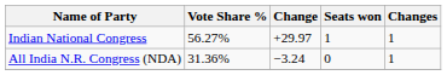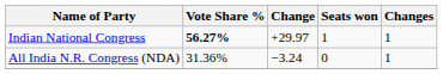 <table class="wikitable sortable">
 <tr>
 <th>Name of Party</th>
 <th>Vote Share %</th>
 <th>Change</th>
 <th>Seats won</th>
 <th>Changes</th>
 </tr>
 <tr>
 <td><a href='#'>Indian National Congress</a></td>
-<td>56.27%</td>
+<td><strong>56.27%</strong></td>
 <td>+29.97</td>
 <td>1</td>
 <td>1</td>
 </tr>
 <tr>
 <td><a href='#'>All India N.R. Congress</a> (NDA)</td>
 <td>31.36%</td>
 <td>−3.24</td>
 <td>0</td>
 <td>1</td>
 </tr>
 <tr>
 </tr>
 </table>
